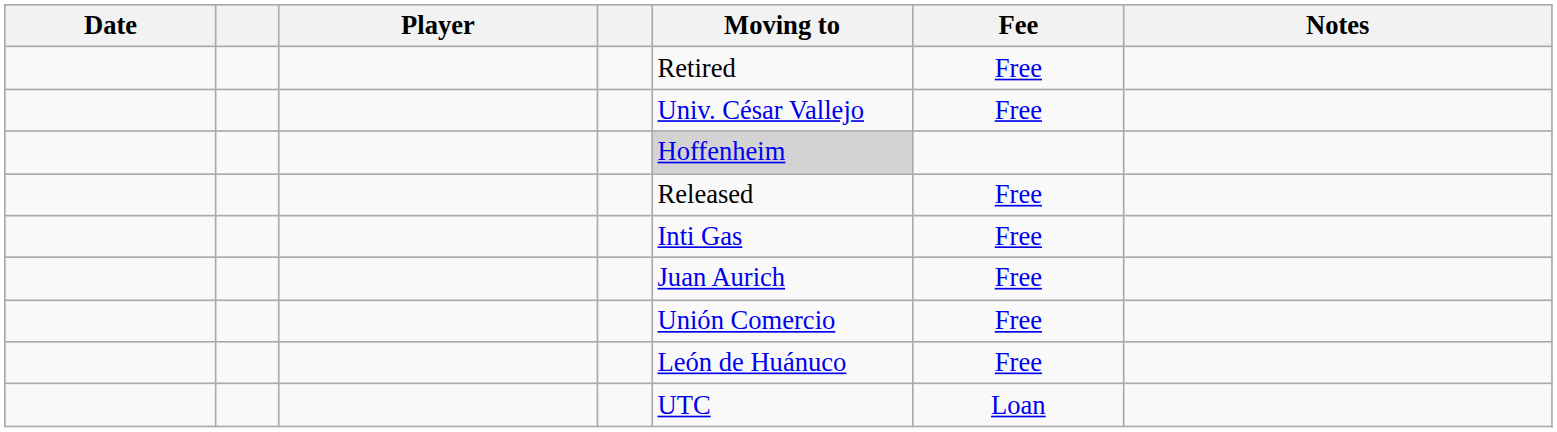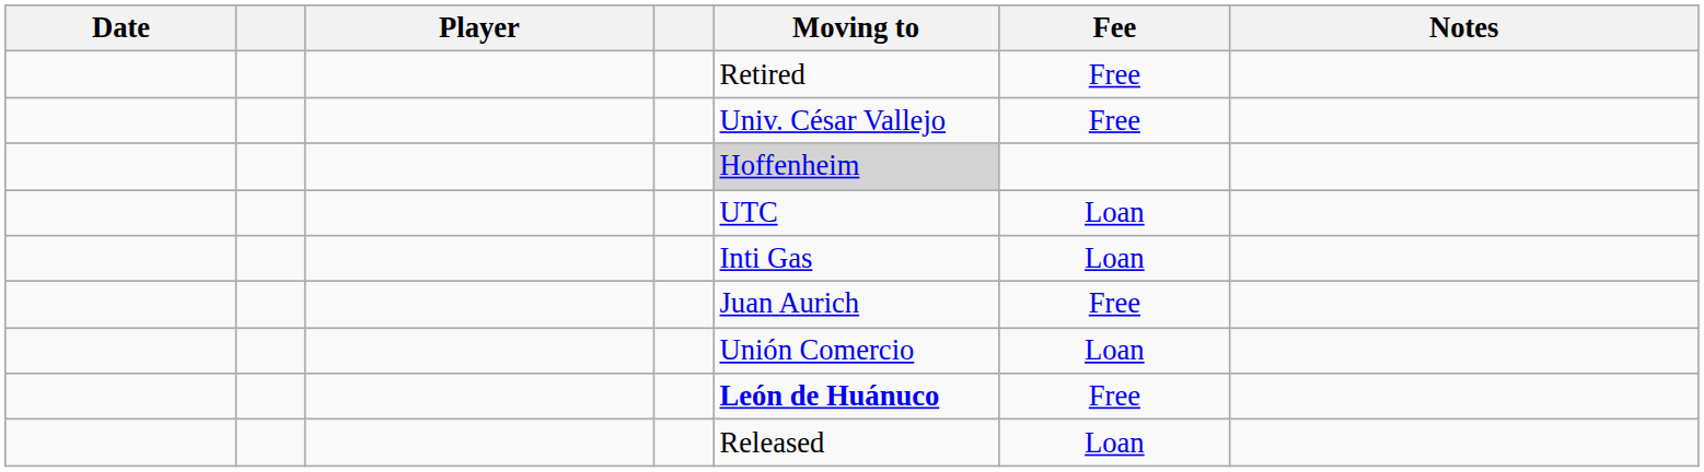 <table class="wikitable sortable">
 <tr>
 <th style="width:120px;">Date</th>
 <th style="width:30px;"></th>
 <th style="width:185px;">Player</th>
 <th style="width:25px;"></th>
 <th style="width:150px;">Moving to</th>
 <th style="width:120px;" class="unsortable">Fee</th>
 <th style="width:250px;" class="unsortable">Notes</th>
 </tr>
 <tr>
 <td></td>
 <td align=center></td>
 <td> </td>
 <td></td>
 <td>Retired</td>
 <td align=center><a href='#'>Free</a></td>
 <td align=center></td>
 </tr>
 <tr>
 <td></td>
 <td align=center></td>
 <td> </td>
 <td></td>
 <td> <a href='#'>Univ. César Vallejo</a></td>
 <td align=center><a href='#'>Free</a></td>
 <td align=center></td>
 </tr>
 <tr>
 <td></td>
 <td align=center></td>
 <td> </td>
 <td></td>
 <td style="background: lightgrey;"> <a href='#'>Hoffenheim</a></td>
 <td align=center></td>
 <td align=center></td>
 </tr>
 <tr>
 <td></td>
 <td align=center></td>
 <td> </td>
 <td></td>
-<td>Released</td>
-<td align=center><a href='#'>Free</a></td>
+<td> <a href='#'>UTC</a></td>
+<td align=center><a href='#'>Loan</a></td>
 <td align=center></td>
 </tr>
 <tr>
 <td></td>
 <td align=center></td>
 <td> </td>
 <td></td>
 <td> <a href='#'>Inti Gas</a></td>
-<td align=center><a href='#'>Free</a></td>
+<td align=center><a href='#'>Loan</a></td>
 <td align=center></td>
 </tr>
 <tr>
 <td></td>
 <td align=center></td>
 <td> </td>
 <td></td>
 <td> <a href='#'>Juan Aurich</a></td>
 <td align=center><a href='#'>Free</a></td>
 <td align=center></td>
 </tr>
 <tr>
 <td></td>
 <td align=center></td>
 <td> </td>
 <td></td>
 <td> <a href='#'>Unión Comercio</a></td>
+<td align=center><a href='#'>Loan</a></td>
+<td align=center></td>
+</tr>
+<tr>
+<td></td>
+<td align=center></td>
+<td> </td>
+<td></td>
+<td><strong> <a href='#'>León de Huánuco</a></strong></td>
 <td align=center><a href='#'>Free</a></td>
 <td align=center></td>
 </tr>
 <tr>
 <td></td>
 <td align=center></td>
 <td> </td>
 <td></td>
-<td> <a href='#'>León de Huánuco</a></td>
-<td align=center><a href='#'>Free</a></td>
-<td align=center></td>
-</tr>
-<tr>
-<td></td>
-<td align=center></td>
-<td> </td>
-<td></td>
-<td> <a href='#'>UTC</a></td>
+<td>Released</td>
 <td align=center><a href='#'>Loan</a></td>
 <td align=center></td>
 </tr>
 </table>
